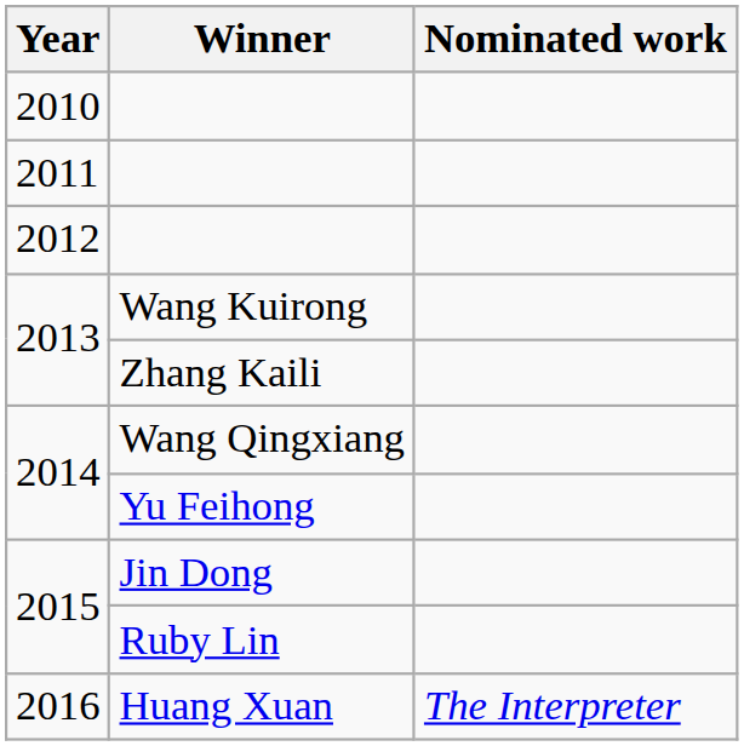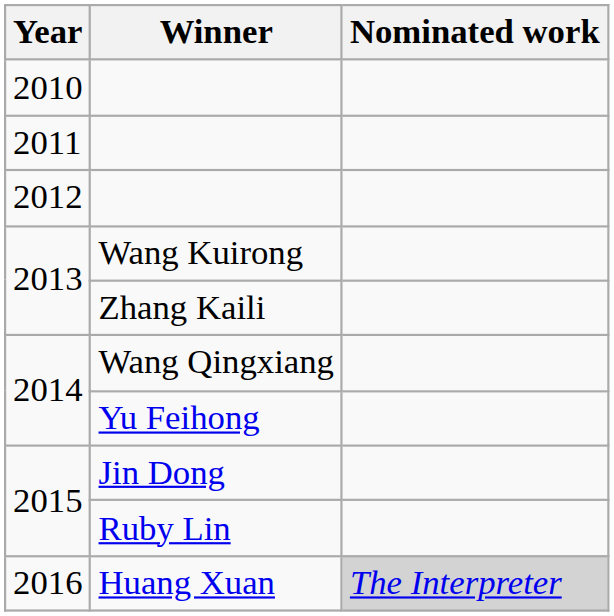 <table class="wikitable">
 <tr>
 <th>Year</th>
 <th>Winner</th>
 <th>Nominated work</th>
 </tr>
 <tr>
 <td>2010</td>
 <td></td>
 <td></td>
 </tr>
 <tr>
 <td>2011</td>
 <td></td>
 <td></td>
 </tr>
 <tr>
 <td>2012</td>
 <td></td>
 <td></td>
 </tr>
 <tr>
 <td rowspan=2>2013</td>
 <td>Wang Kuirong</td>
 <td></td>
 </tr>
 <tr>
 <td>Zhang Kaili</td>
 <td></td>
 </tr>
 <tr>
 <td rowspan=2>2014</td>
 <td>Wang Qingxiang</td>
 <td></td>
 </tr>
 <tr>
 <td><a href='#'>Yu Feihong</a></td>
 <td></td>
 </tr>
 <tr>
 <td rowspan=2>2015</td>
 <td><a href='#'>Jin Dong</a></td>
 <td></td>
 </tr>
 <tr>
 <td><a href='#'>Ruby Lin</a></td>
 <td></td>
 </tr>
 <tr>
 <td>2016</td>
 <td><a href='#'>Huang Xuan</a></td>
-<td><em><a href='#'>The Interpreter</a></em></td>
+<td style="background: lightgrey;"><em><a href='#'>The Interpreter</a></em></td>
 </tr>
 </table>
